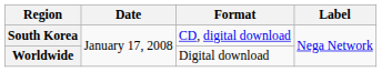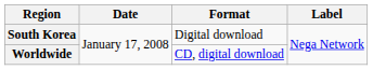 <table class="wikitable plainrowheaders">
 <tr>
 <th scope="col">Region</th>
 <th scope="col">Date</th>
 <th scope="col">Format</th>
 <th scope="col">Label</th>
 </tr>
 <tr>
 <th scope="row">South Korea</th>
 <td rowspan="2">January 17, 2008</td>
-<td><a href='#'>CD</a>, <a href='#'>digital download</a></td>
+<td>Digital download</td>
 <td rowspan="2"><a href='#'>Nega Network</a></td>
 </tr>
 <tr>
 <th scope="row">Worldwide</th>
-<td>Digital download</td>
+<td><a href='#'>CD</a>, <a href='#'>digital download</a></td>
 </tr>
 </table>
